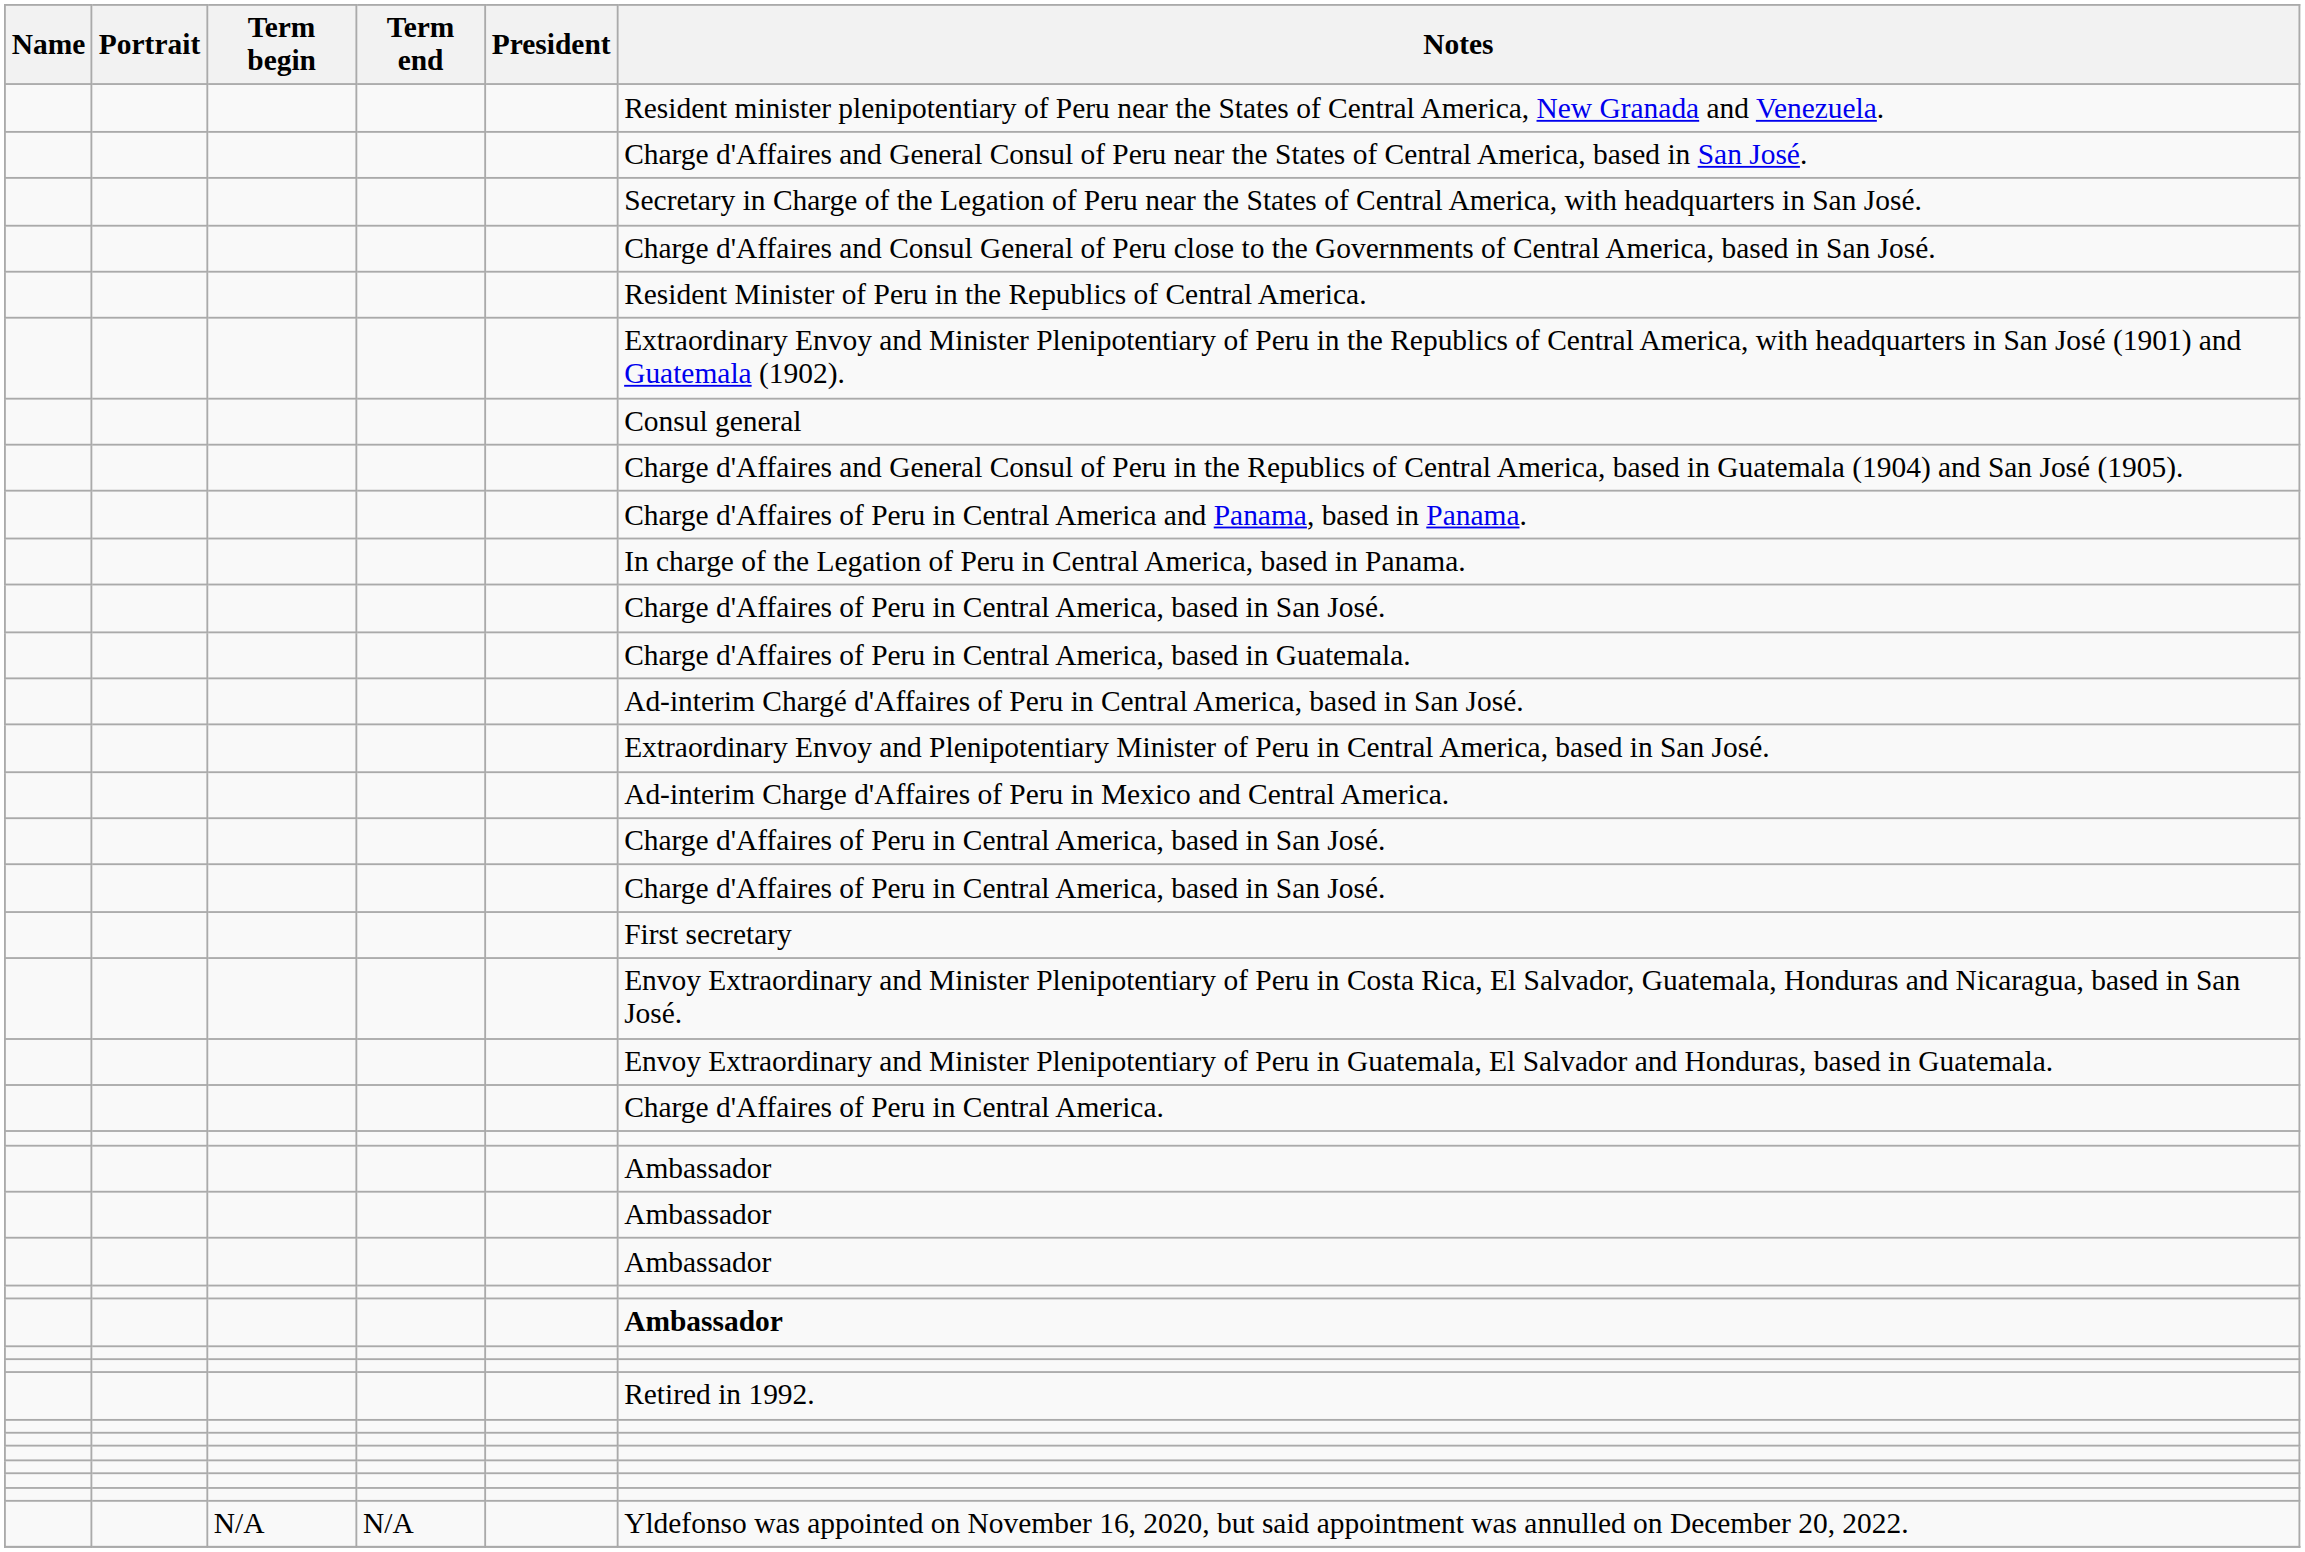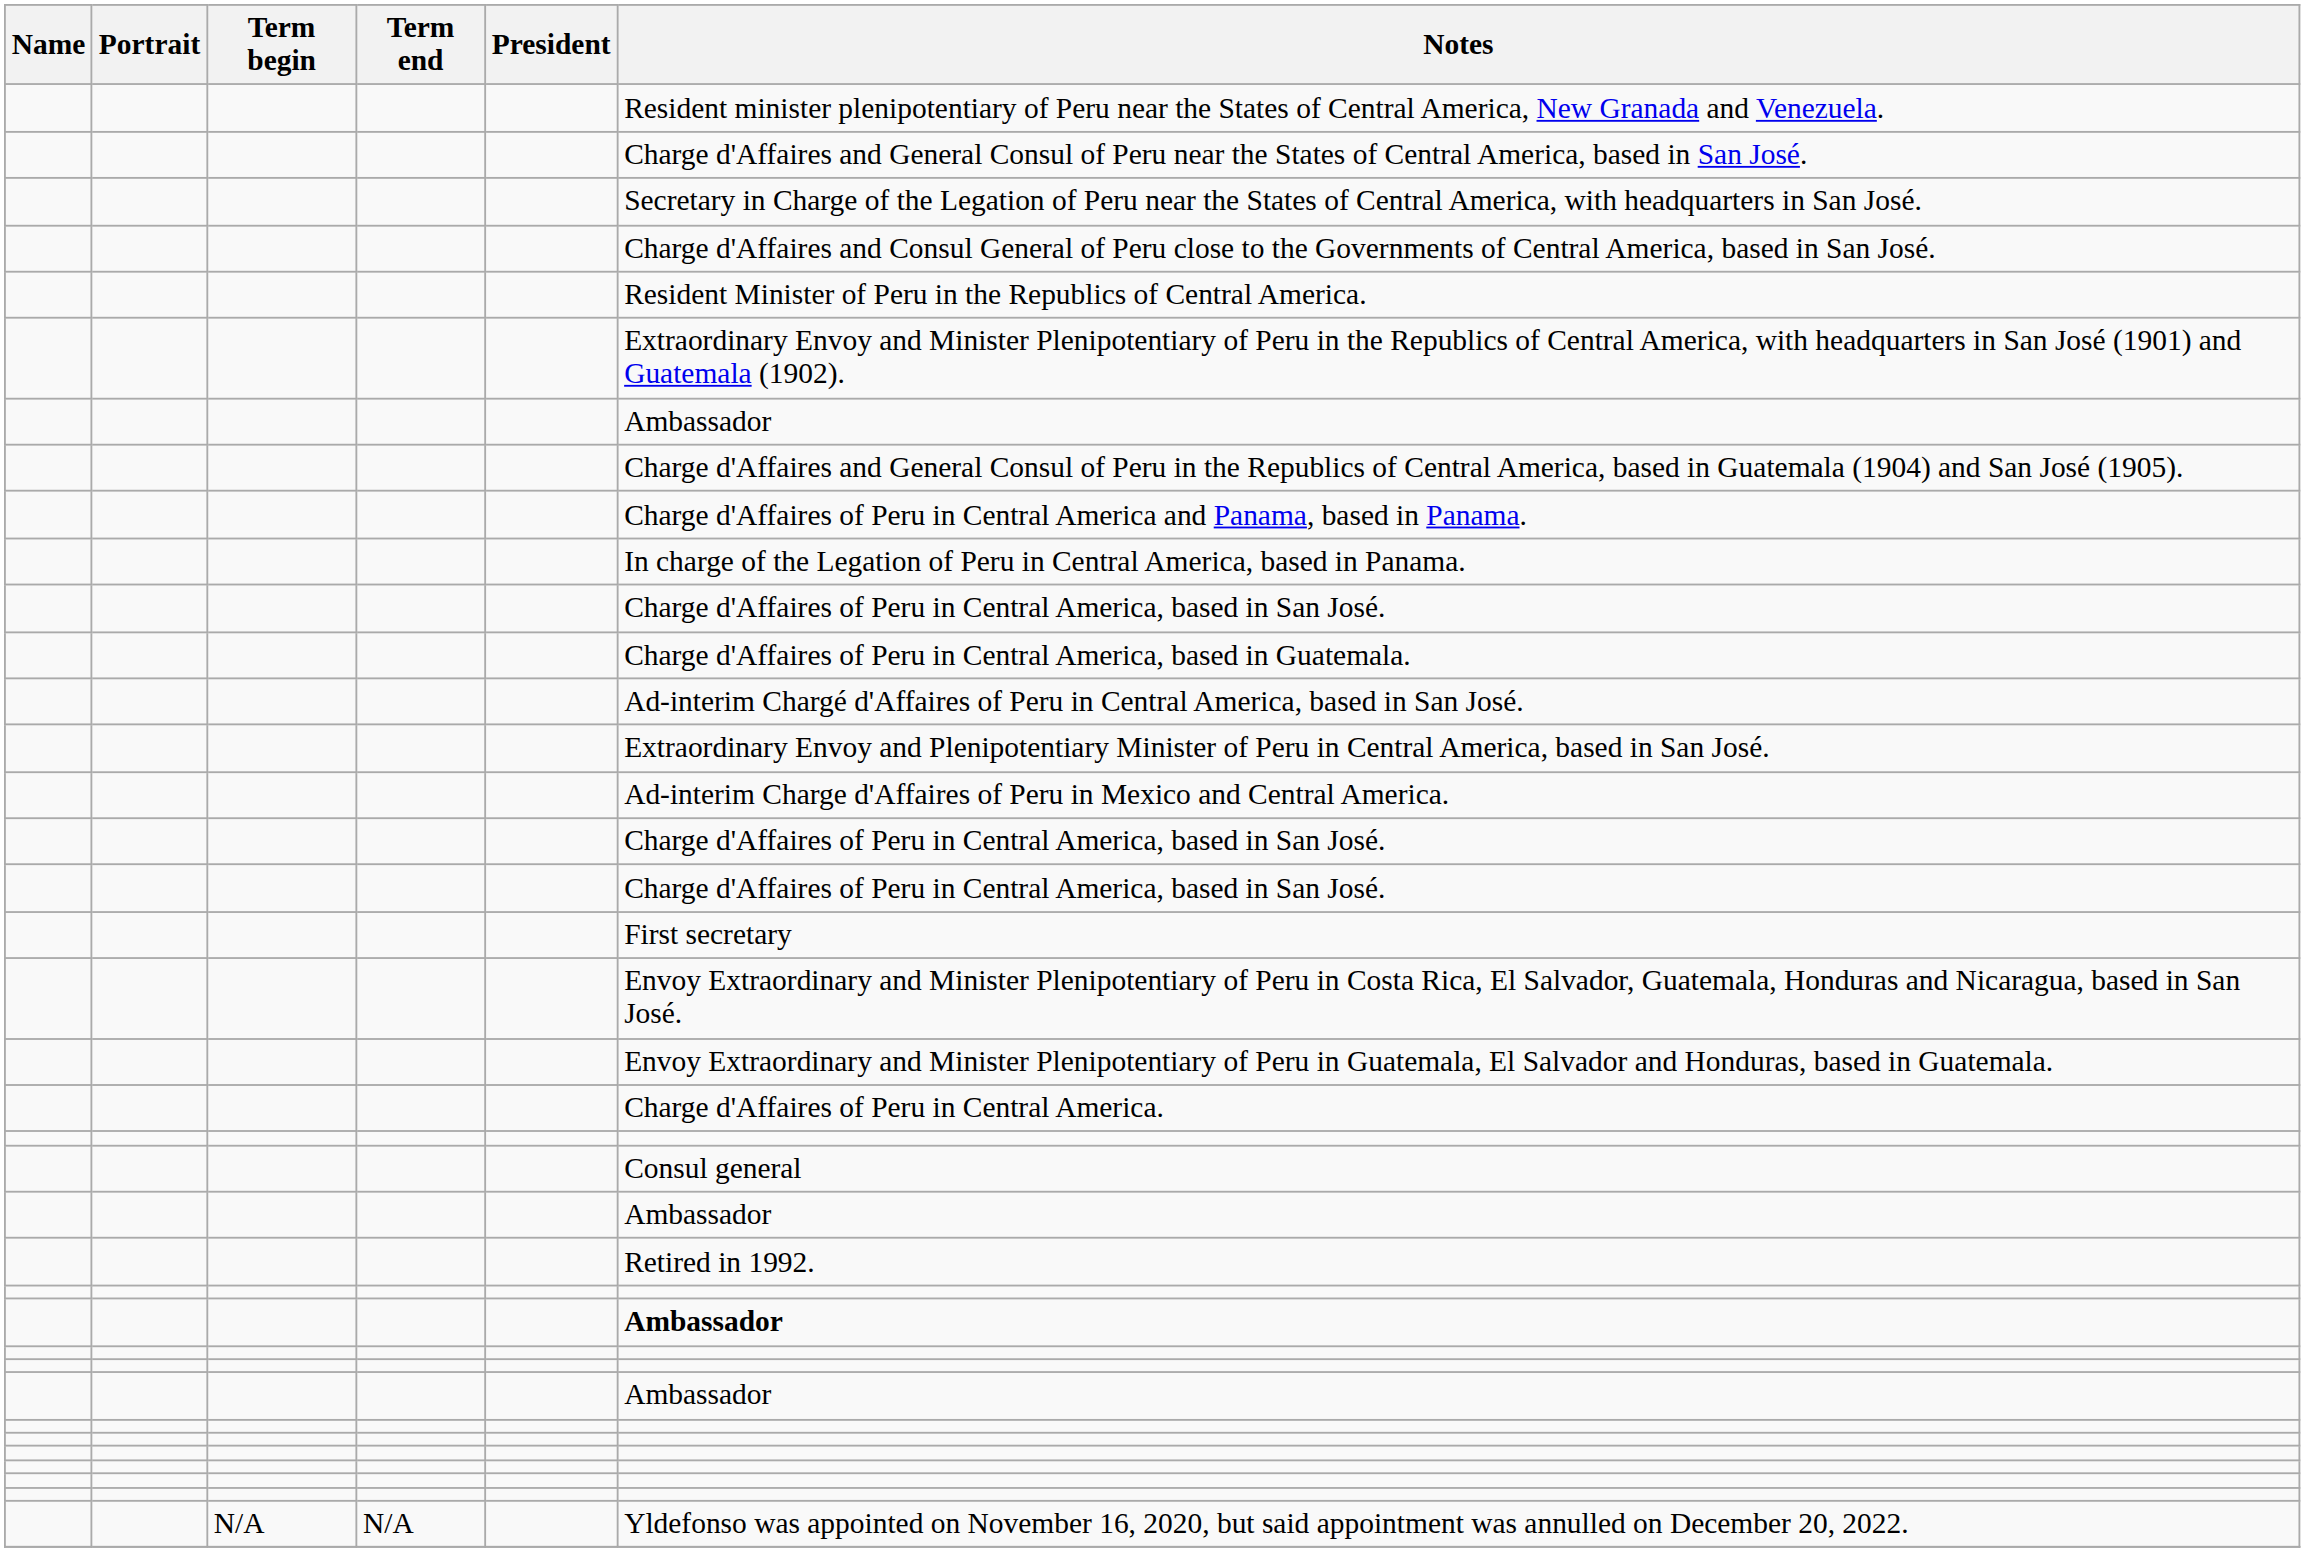 <table class="wikitable sortable"  text-align:center;">
 <tr>
 <th>Name</th>
 <th class="unsortable">Portrait</th>
 <th>Term begin</th>
 <th>Term end</th>
 <th>President</th>
 <th class="unsortable">Notes</th>
 </tr>
 <tr>
 <td></td>
 <td></td>
 <td></td>
 <td></td>
 <td></td>
 <td>Resident minister plenipotentiary of Peru near the States of Central America, <a href='#'>New Granada</a> and <a href='#'>Venezuela</a>.</td>
 </tr>
 <tr>
 <td></td>
 <td></td>
 <td></td>
 <td></td>
 <td></td>
 <td>Charge d'Affaires and General Consul of Peru near the States of Central America, based in <a href='#'>San José</a>.</td>
 </tr>
 <tr>
 <td></td>
 <td></td>
 <td></td>
 <td></td>
 <td></td>
 <td>Secretary in Charge of the Legation of Peru near the States of Central America, with headquarters in San José.</td>
 </tr>
 <tr>
 <td></td>
 <td></td>
 <td></td>
 <td></td>
 <td></td>
 <td>Charge d'Affaires and Consul General of Peru close to the Governments of Central America, based in San José.</td>
 </tr>
 <tr>
 <td></td>
 <td></td>
 <td></td>
 <td></td>
 <td></td>
 <td>Resident Minister of Peru in the Republics of Central America.</td>
 </tr>
 <tr>
 <td></td>
 <td></td>
 <td></td>
 <td></td>
 <td></td>
 <td>Extraordinary Envoy and Minister Plenipotentiary of Peru in the Republics of Central America, with headquarters in San José (1901) and <a href='#'>Guatemala</a> (1902).</td>
 </tr>
 <tr>
 <td></td>
 <td></td>
 <td></td>
 <td></td>
 <td></td>
-<td>Consul general</td>
+<td>Ambassador</td>
 </tr>
 <tr>
 <td></td>
 <td></td>
 <td></td>
 <td></td>
 <td></td>
 <td>Charge d'Affaires and General Consul of Peru in the Republics of Central America, based in Guatemala (1904) and San José (1905).</td>
 </tr>
 <tr>
 <td></td>
 <td></td>
 <td></td>
 <td></td>
 <td></td>
 <td>Charge d'Affaires of Peru in Central America and <a href='#'>Panama</a>, based in <a href='#'>Panama</a>.</td>
 </tr>
 <tr>
 <td></td>
 <td></td>
 <td></td>
 <td></td>
 <td></td>
 <td>In charge of the Legation of Peru in Central America, based in Panama.</td>
 </tr>
 <tr>
 <td></td>
 <td></td>
 <td></td>
 <td></td>
 <td></td>
 <td>Charge d'Affaires of Peru in Central America, based in San José.</td>
 </tr>
 <tr>
 <td></td>
 <td></td>
 <td></td>
 <td></td>
 <td></td>
 <td>Charge d'Affaires of Peru in Central America, based in Guatemala.</td>
 </tr>
 <tr>
 <td></td>
 <td></td>
 <td></td>
 <td></td>
 <td></td>
 <td>Ad-interim Chargé d'Affaires of Peru in Central America, based in San José.</td>
 </tr>
 <tr>
 <td></td>
 <td></td>
 <td></td>
 <td></td>
 <td></td>
 <td>Extraordinary Envoy and Plenipotentiary Minister of Peru in Central America, based in San José.</td>
 </tr>
 <tr>
 <td></td>
 <td></td>
 <td></td>
 <td></td>
 <td></td>
 <td>Ad-interim Charge d'Affaires of Peru in Mexico and Central America.</td>
 </tr>
 <tr>
 <td></td>
 <td></td>
 <td></td>
 <td></td>
 <td></td>
 <td>Charge d'Affaires of Peru in Central America, based in San José.</td>
 </tr>
 <tr>
 <td></td>
 <td></td>
 <td></td>
 <td></td>
 <td></td>
 <td>Charge d'Affaires of Peru in Central America, based in San José.</td>
 </tr>
 <tr>
 <td></td>
 <td></td>
 <td></td>
 <td></td>
 <td></td>
 <td>First secretary</td>
 </tr>
 <tr>
 <td></td>
 <td></td>
 <td></td>
 <td></td>
 <td></td>
 <td>Envoy Extraordinary and Minister Plenipotentiary of Peru in Costa Rica, El Salvador, Guatemala, Honduras and Nicaragua, based in San José.</td>
 </tr>
 <tr>
 <td></td>
 <td></td>
 <td></td>
 <td></td>
 <td></td>
 <td>Envoy Extraordinary and Minister Plenipotentiary of Peru in Guatemala, El Salvador and Honduras, based in Guatemala.</td>
 </tr>
 <tr>
 <td></td>
 <td></td>
 <td></td>
 <td></td>
 <td></td>
 <td>Charge d'Affaires of Peru in Central America.</td>
 </tr>
 <tr>
 <td></td>
 <td></td>
 <td></td>
 <td></td>
 <td></td>
 <td></td>
 </tr>
 <tr>
 <td></td>
 <td></td>
 <td></td>
 <td></td>
 <td></td>
-<td>Ambassador</td>
+<td>Consul general</td>
 </tr>
 <tr>
 <td></td>
 <td></td>
 <td></td>
 <td></td>
 <td></td>
 <td>Ambassador</td>
 </tr>
 <tr>
 <td></td>
 <td></td>
 <td></td>
 <td></td>
 <td></td>
-<td>Ambassador</td>
+<td>Retired in 1992.</td>
 </tr>
 <tr>
 <td></td>
 <td></td>
 <td></td>
 <td></td>
 <td></td>
 <td></td>
 </tr>
 <tr>
 <td></td>
 <td></td>
 <td></td>
 <td></td>
 <td></td>
 <td><strong>Ambassador</strong></td>
 </tr>
 <tr>
 <td></td>
 <td></td>
 <td></td>
 <td></td>
 <td></td>
 <td></td>
 </tr>
 <tr>
 <td></td>
 <td></td>
 <td></td>
 <td></td>
 <td></td>
 <td></td>
 </tr>
 <tr>
 <td></td>
 <td></td>
 <td></td>
 <td></td>
 <td></td>
-<td>Retired in 1992.</td>
+<td>Ambassador</td>
 </tr>
 <tr>
 <td></td>
 <td></td>
 <td></td>
 <td></td>
 <td></td>
 <td></td>
 </tr>
 <tr>
 <td></td>
 <td></td>
 <td></td>
 <td></td>
 <td></td>
 <td></td>
 </tr>
 <tr>
 <td></td>
 <td></td>
 <td></td>
 <td></td>
 <td></td>
 <td></td>
 </tr>
 <tr>
 <td></td>
 <td></td>
 <td></td>
 <td></td>
 <td></td>
 <td></td>
 </tr>
 <tr>
 <td></td>
 <td></td>
 <td></td>
 <td></td>
 <td></td>
 <td></td>
 </tr>
 <tr>
 <td></td>
 <td></td>
 <td></td>
 <td></td>
 <td></td>
 <td></td>
 </tr>
 <tr>
 <td></td>
 <td></td>
 <td>N/A</td>
 <td>N/A</td>
 <td></td>
 <td>Yldefonso was appointed on November 16, 2020, but said appointment was annulled on December 20, 2022.</td>
 </tr>
 <tr>
 </tr>
 </table>
